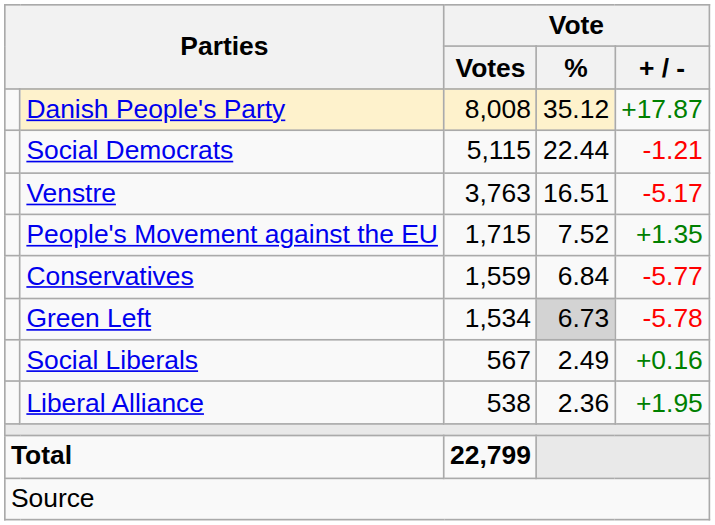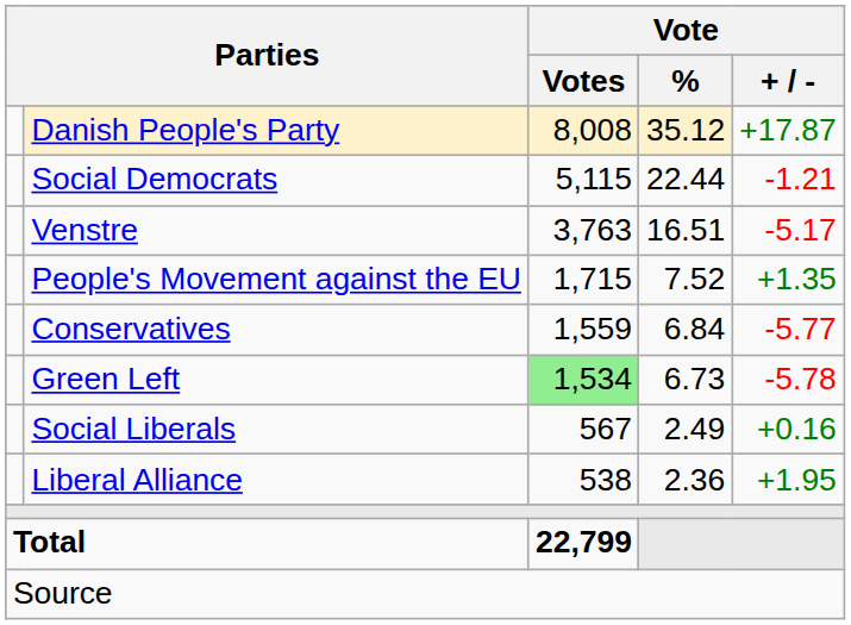 <table class="wikitable" style="text-align:right;">
 <tr>
 <th style="text-align:centre;" rowspan="2" colspan="2" width="225">Parties</th>
 <th colspan="3">Vote</th>
 </tr>
 <tr>
 <th width="15">Votes</th>
 <th width="15">%</th>
 <th width="15">+ / -</th>
 </tr>
 <tr>
 <td width="2" style="color:inherit;background:"></td>
 <td bgcolor=#fef2cc   align="left"><a href='#'>Danish People's Party</a></td>
 <td bgcolor=#fef2cc>8,008</td>
 <td bgcolor=#fef2cc>35.12</td>
 <td style=color:green;>+17.87</td>
 </tr>
 <tr>
 <td width="2" style="color:inherit;background:"></td>
 <td align="left"><a href='#'>Social Democrats</a></td>
 <td>5,115</td>
 <td>22.44</td>
 <td style=color:red;>-1.21</td>
 </tr>
 <tr>
 <td width="2" style="color:inherit;background:"></td>
 <td align="left"><a href='#'>Venstre</a></td>
 <td>3,763</td>
 <td>16.51</td>
 <td style=color:red;>-5.17</td>
 </tr>
 <tr>
 <td width="2" style="color:inherit;background:"></td>
 <td align="left"><a href='#'>People's Movement against the EU</a></td>
 <td>1,715</td>
 <td>7.52</td>
 <td style=color:green;>+1.35</td>
 </tr>
 <tr>
 <td width="2" style="color:inherit;background:"></td>
 <td align="left"><a href='#'>Conservatives</a></td>
 <td>1,559</td>
 <td>6.84</td>
 <td style=color:red;>-5.77</td>
 </tr>
 <tr>
 <td width="2" style="color:inherit;background:"></td>
 <td align="left"><a href='#'>Green Left</a></td>
-<td>1,534</td>
-<td style="background: lightgrey;">6.73</td>
+<td style="background: lightgreen;">1,534</td>
+<td>6.73</td>
 <td style=color:red;>-5.78</td>
 </tr>
 <tr>
 <td width="2" style="color:inherit;background:"></td>
 <td align="left"><a href='#'>Social Liberals</a></td>
 <td>567</td>
 <td>2.49</td>
 <td style=color:green;>+0.16</td>
 </tr>
 <tr>
 <td width="2" style="color:inherit;background:"></td>
 <td align="left"><a href='#'>Liberal Alliance</a></td>
 <td>538</td>
 <td>2.36</td>
 <td style=color:green;>+1.95</td>
 </tr>
 <tr>
 <td colspan="7" bgcolor="#E9E9E9"></td>
 </tr>
 <tr>
 <td align="left" colspan="2"><strong>Total</strong></td>
 <td><strong>22,799</strong></td>
 <td bgcolor="#E9E9E9" colspan="2"></td>
 </tr>
 <tr>
 <td align="left" colspan="6">Source</td>
 </tr>
 </table>
